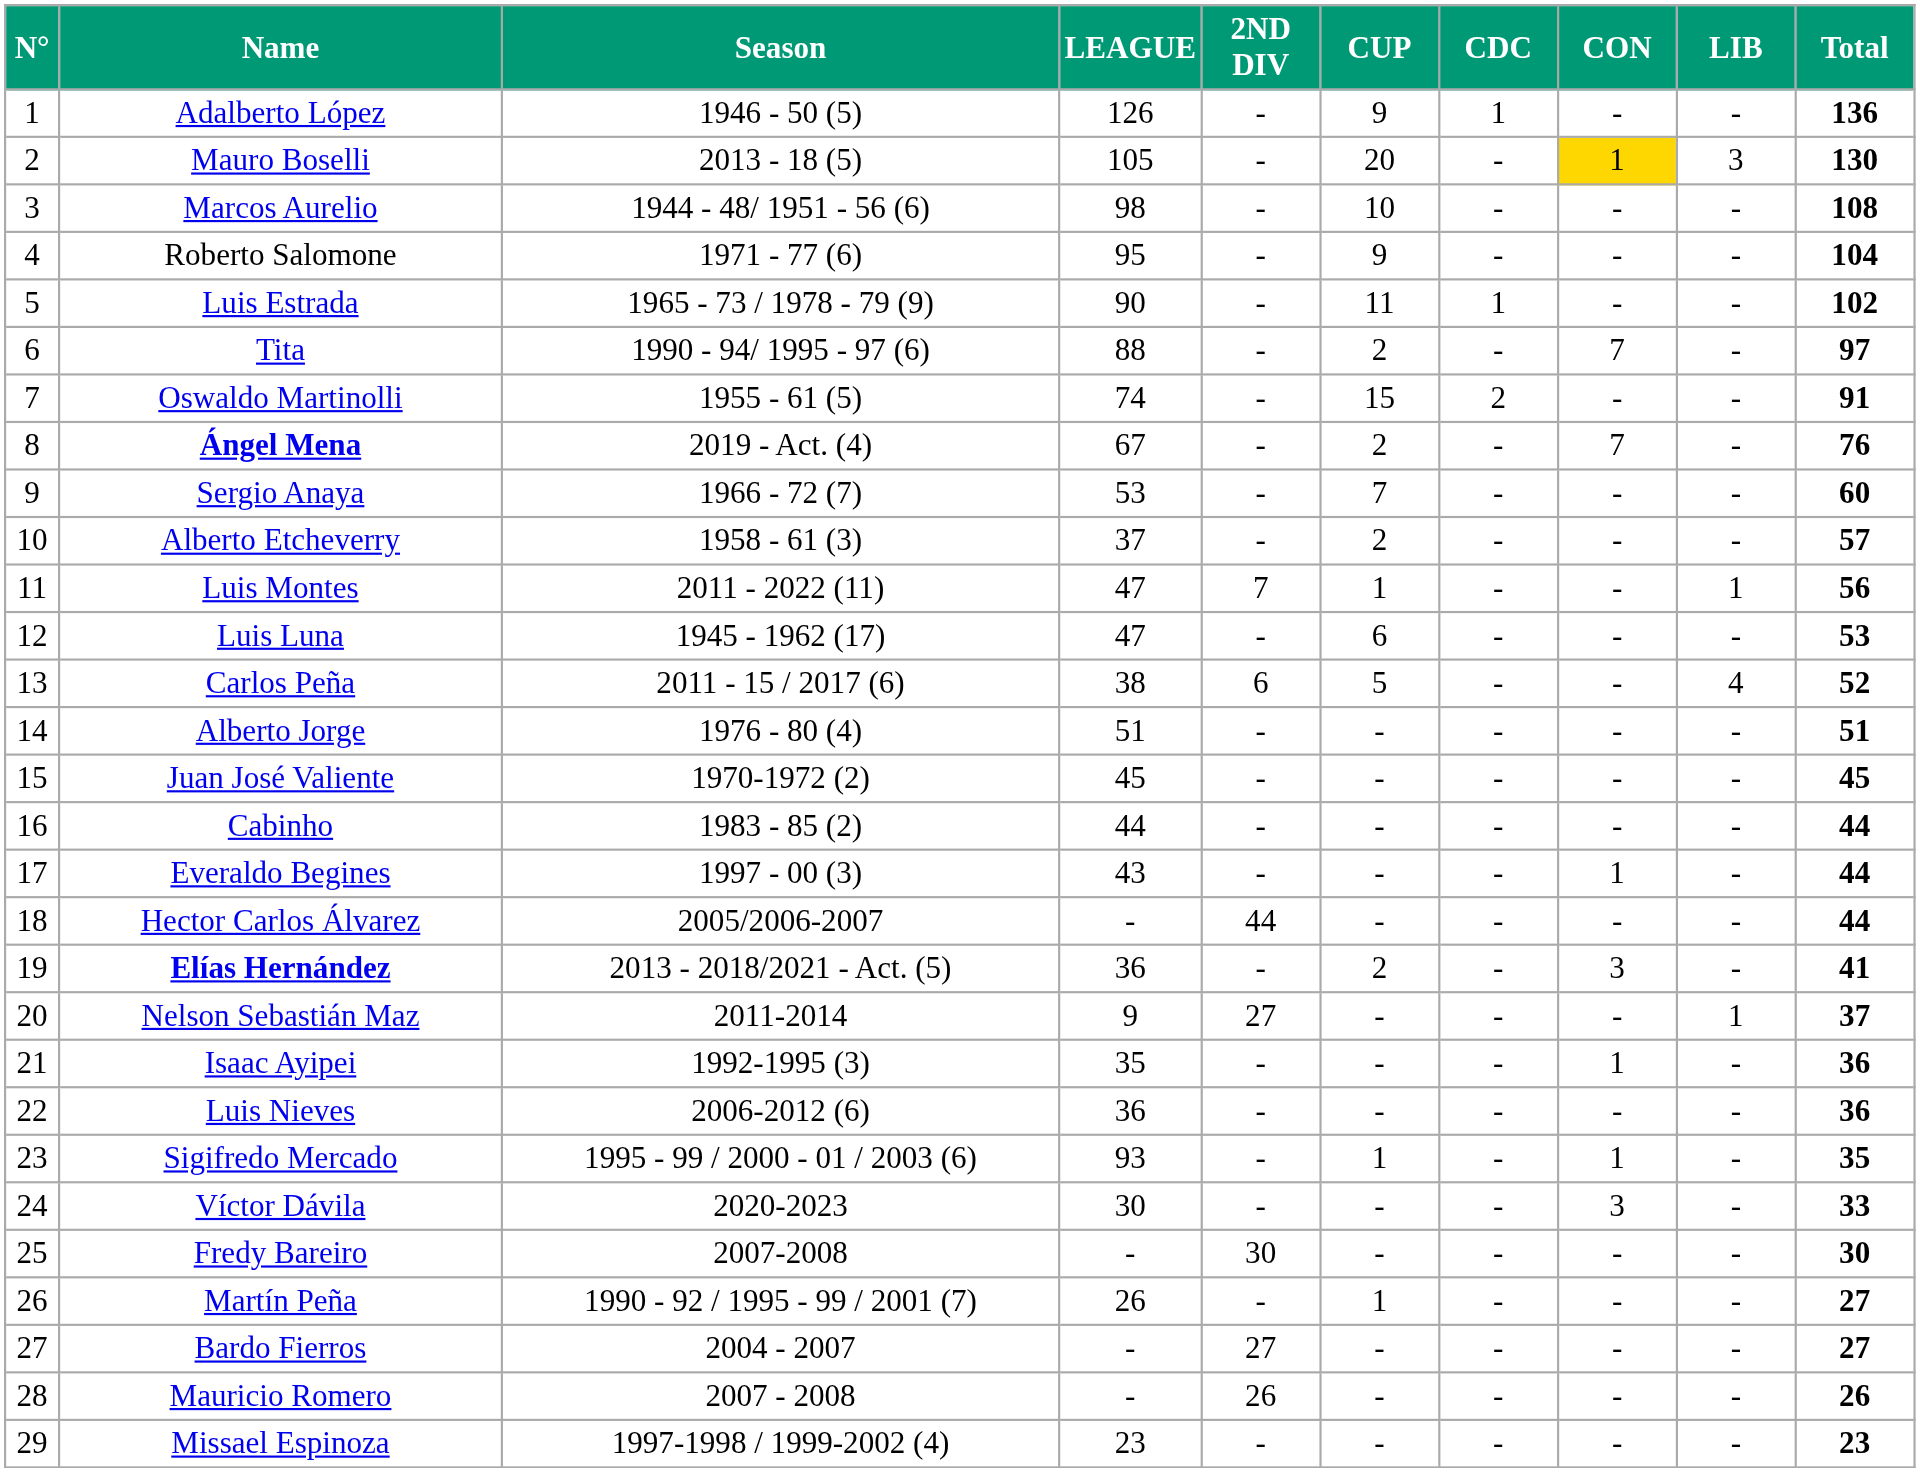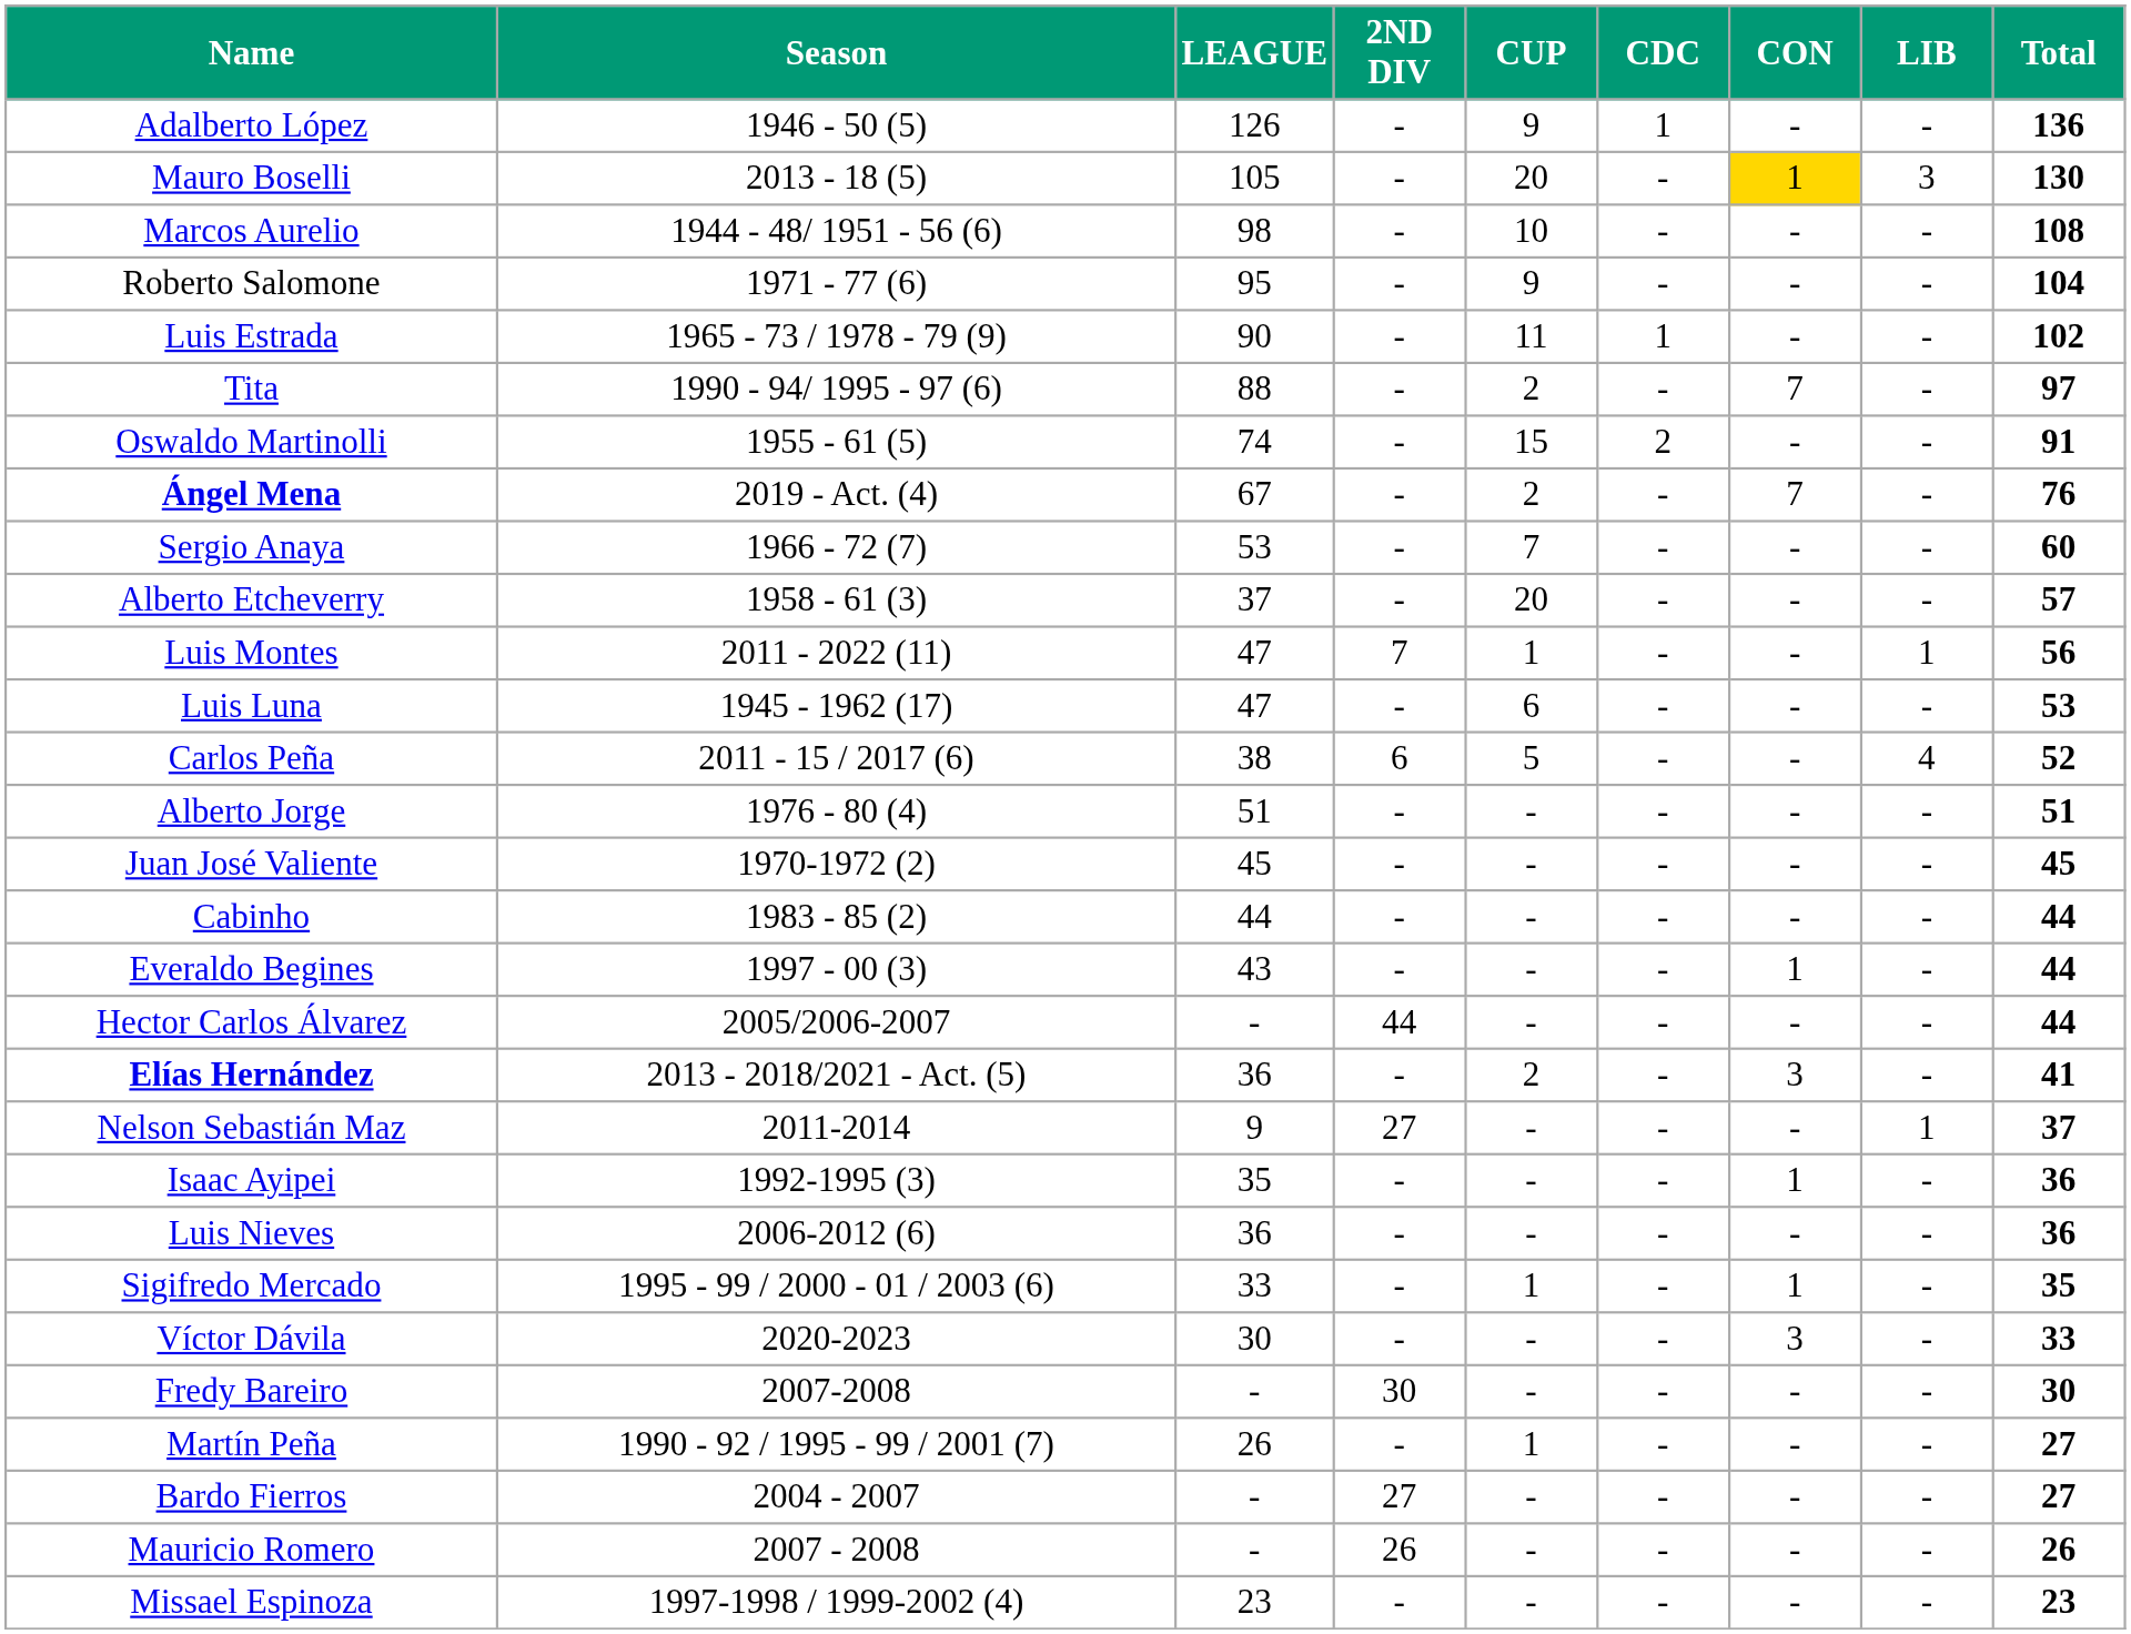 <table cellpadding="2" border=1 cellspacing="0" style="margin: 0.5em 1em 0.5em 0; LightSkyBlue: #f9f9f9; border: 1px #aaa solid; border-collapse: collapse; font-size: 90%;" width=70%>
 <tr align=center bgcolor=#009975 style="color:#FFFFFF; border: 1px #aaa solid;">
-<th width="20">N°</th>
 <th width="200">Name</th>
 <th>Season</th>
 <th width="50">LEAGUE</th>
 <th width="50">2ND DIV</th>
 <th width="50">CUP</th>
 <th width="50">CDC</th>
 <th width="50">CON</th>
 <th width="50">LIB</th>
 <th width="50">Total</th>
 </tr>
 <tr align="center">
-<td>1</td>
 <td> <a href='#'>Adalberto López</a></td>
 <td>1946 - 50 (5)</td>
 <td>126</td>
 <td>-</td>
 <td>9</td>
 <td>1</td>
 <td>-</td>
 <td>-</td>
 <td><strong>136</strong></td>
 </tr>
 <tr align="center">
-<td>2</td>
 <td>  <a href='#'>Mauro Boselli</a></td>
 <td>2013 - 18 (5)</td>
 <td>105</td>
 <td>-</td>
 <td>20</td>
 <td>-</td>
 <td style="background: gold;">1</td>
 <td>3</td>
 <td><strong>130</strong></td>
 </tr>
 <tr align="center">
-<td>3</td>
 <td>  <a href='#'>Marcos Aurelio</a></td>
 <td>1944 - 48/ 1951 - 56 (6)</td>
 <td>98</td>
 <td>-</td>
 <td>10</td>
 <td>-</td>
 <td>-</td>
 <td>-</td>
 <td><strong>108</strong></td>
 </tr>
 <tr align="center">
-<td>4</td>
 <td> Roberto Salomone</td>
 <td>1971 - 77 (6)</td>
 <td>95</td>
 <td>-</td>
 <td>9</td>
 <td>-</td>
 <td>-</td>
 <td>-</td>
 <td><strong>104</strong></td>
 </tr>
 <tr align="center">
-<td>5</td>
 <td> <a href='#'>Luis Estrada</a></td>
 <td>1965 - 73 / 1978 - 79 (9)</td>
 <td>90</td>
 <td>-</td>
 <td>11</td>
 <td>1</td>
 <td>-</td>
 <td>-</td>
 <td><strong>102</strong></td>
 </tr>
 <tr align="center">
-<td>6</td>
 <td> <a href='#'>Tita</a></td>
 <td>1990 - 94/ 1995 - 97 (6)</td>
 <td>88</td>
 <td>-</td>
 <td>2</td>
 <td>-</td>
 <td>7</td>
 <td>-</td>
 <td><strong>97</strong></td>
 </tr>
 <tr align="center">
-<td>7</td>
 <td> <a href='#'>Oswaldo Martinolli</a></td>
 <td>1955 - 61 (5)</td>
 <td>74</td>
 <td>-</td>
 <td>15</td>
 <td>2</td>
 <td>-</td>
 <td>-</td>
 <td><strong>91</strong></td>
 </tr>
 <tr align="center">
-<td>8</td>
 <td> <strong><a href='#'>Ángel Mena </a></strong></td>
 <td>2019 - Act. (4)</td>
 <td>67</td>
 <td>-</td>
 <td>2</td>
 <td>-</td>
 <td>7</td>
 <td>-</td>
 <td><strong>76</strong></td>
 </tr>
 <tr align="center">
-<td>9</td>
 <td> <a href='#'>Sergio Anaya</a></td>
 <td>1966 - 72 (7)</td>
 <td>53</td>
 <td>-</td>
 <td>7</td>
 <td>-</td>
 <td>-</td>
 <td>-</td>
 <td><strong>60</strong></td>
 </tr>
 <tr align="center">
-<td>10</td>
 <td> <a href='#'>Alberto Etcheverry</a></td>
 <td>1958 - 61 (3)</td>
 <td>37</td>
 <td>-</td>
-<td>2</td>
+<td>20</td>
 <td>-</td>
 <td>-</td>
 <td>-</td>
 <td><strong>57</strong></td>
 </tr>
 <tr align="center">
-<td>11</td>
 <td> <a href='#'>Luis Montes</a></td>
 <td>2011 - 2022 (11)</td>
 <td>47</td>
 <td>7</td>
 <td>1</td>
 <td>-</td>
 <td>-</td>
 <td>1</td>
 <td><strong>56</strong></td>
 </tr>
 <tr align="center">
-<td>12</td>
 <td> <a href='#'>Luis Luna</a></td>
 <td>1945 - 1962 (17)</td>
 <td>47</td>
 <td>-</td>
 <td>6</td>
 <td>-</td>
 <td>-</td>
 <td>-</td>
 <td><strong>53</strong></td>
 </tr>
 <tr align="center">
-<td>13</td>
 <td> <a href='#'>Carlos Peña</a></td>
 <td>2011 - 15 / 2017 (6)</td>
 <td>38</td>
 <td>6</td>
 <td>5</td>
 <td>-</td>
 <td>-</td>
 <td>4</td>
 <td><strong>52</strong></td>
 </tr>
 <tr align="center">
-<td>14</td>
 <td> <a href='#'>Alberto Jorge</a></td>
 <td>1976 - 80 (4)</td>
 <td>51</td>
 <td>-</td>
 <td>-</td>
 <td>-</td>
 <td>-</td>
 <td>-</td>
 <td><strong>51</strong></td>
 </tr>
 <tr align="center">
-<td>15</td>
 <td> <a href='#'>Juan José Valiente</a></td>
 <td>1970-1972 (2)</td>
 <td>45</td>
 <td>-</td>
 <td>-</td>
 <td>-</td>
 <td>-</td>
 <td>-</td>
 <td><strong>45</strong></td>
 </tr>
 <tr align="center">
-<td>16</td>
 <td> <a href='#'>Cabinho</a></td>
 <td>1983 - 85 (2)</td>
 <td>44</td>
 <td>-</td>
 <td>-</td>
 <td>-</td>
 <td>-</td>
 <td>-</td>
 <td><strong>44</strong></td>
 </tr>
 <tr align="center">
-<td>17</td>
 <td> <a href='#'>Everaldo Begines</a></td>
 <td>1997 - 00 (3)</td>
 <td>43</td>
 <td>-</td>
 <td>-</td>
 <td>-</td>
 <td>1</td>
 <td>-</td>
 <td><strong>44</strong></td>
 </tr>
 <tr align="center">
-<td>18</td>
 <td> <a href='#'>Hector Carlos Álvarez</a></td>
 <td>2005/2006-2007</td>
 <td>-</td>
 <td>44</td>
 <td>-</td>
 <td>-</td>
 <td>-</td>
 <td>-</td>
 <td><strong>44</strong></td>
 </tr>
 <tr align="center">
-<td>19</td>
 <td> <strong><a href='#'>Elías Hernández</a></strong></td>
 <td>2013 - 2018/2021 - Act. (5)</td>
 <td>36</td>
 <td>-</td>
 <td>2</td>
 <td>-</td>
 <td>3</td>
 <td>-</td>
 <td><strong>41</strong></td>
 </tr>
 <tr align="center">
-<td>20</td>
 <td><a href='#'>Nelson Sebastián Maz</a></td>
 <td>2011-2014</td>
 <td>9</td>
 <td>27</td>
 <td>-</td>
 <td>-</td>
 <td>-</td>
 <td>1</td>
 <td><strong>37</strong></td>
 </tr>
 <tr align="center">
-<td>21</td>
 <td> <a href='#'>Isaac Ayipei</a></td>
 <td>1992-1995 (3)</td>
 <td>35</td>
 <td>-</td>
 <td>-</td>
 <td>-</td>
 <td>1</td>
 <td>-</td>
 <td><strong>36</strong></td>
 </tr>
 <tr align="center">
-<td>22</td>
 <td> <a href='#'>Luis Nieves</a></td>
 <td>2006-2012 (6)</td>
 <td>36</td>
 <td>-</td>
 <td>-</td>
 <td>-</td>
 <td>-</td>
 <td>-</td>
 <td><strong>36</strong></td>
 </tr>
 <tr align="center">
-<td>23</td>
 <td> <a href='#'>Sigifredo Mercado</a></td>
 <td>1995 - 99 / 2000 - 01 / 2003 (6)</td>
-<td>93</td>
+<td>33</td>
 <td>-</td>
 <td>1</td>
 <td>-</td>
 <td>1</td>
 <td>-</td>
 <td><strong>35</strong></td>
 </tr>
 <tr align="center">
-<td>24</td>
 <td> <a href='#'>Víctor Dávila</a></td>
 <td>2020-2023</td>
 <td>30</td>
 <td>-</td>
 <td>-</td>
 <td>-</td>
 <td>3</td>
 <td>-</td>
 <td><strong>33</strong></td>
 </tr>
 <tr align="center">
-<td>25</td>
 <td> <a href='#'>Fredy Bareiro</a></td>
 <td>2007-2008</td>
 <td>-</td>
 <td>30</td>
 <td>-</td>
 <td>-</td>
 <td>-</td>
 <td>-</td>
 <td><strong>30</strong></td>
 </tr>
 <tr align="center">
-<td>26</td>
 <td> <a href='#'>Martín Peña</a></td>
 <td>1990 - 92 / 1995 - 99 / 2001 (7)</td>
 <td>26</td>
 <td>-</td>
 <td>1</td>
 <td>-</td>
 <td>-</td>
 <td>-</td>
 <td><strong>27</strong></td>
 </tr>
 <tr align="center">
-<td>27</td>
 <td> <a href='#'>Bardo Fierros</a></td>
 <td>2004 - 2007</td>
 <td>-</td>
 <td>27</td>
 <td>-</td>
 <td>-</td>
 <td>-</td>
 <td>-</td>
 <td><strong>27</strong></td>
 </tr>
 <tr align="center">
-<td>28</td>
 <td> <a href='#'>Mauricio Romero</a></td>
 <td>2007 - 2008</td>
 <td>-</td>
 <td>26</td>
 <td>-</td>
 <td>-</td>
 <td>-</td>
 <td>-</td>
 <td><strong>26</strong></td>
 </tr>
 <tr align="center">
-<td>29</td>
 <td> <a href='#'>Missael Espinoza</a></td>
 <td>1997-1998 / 1999-2002 (4)</td>
 <td>23</td>
 <td>-</td>
 <td>-</td>
 <td>-</td>
 <td>-</td>
 <td>-</td>
 <td><strong>23</strong></td>
 </tr>
 </table>
